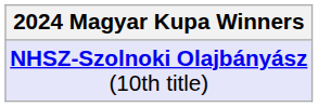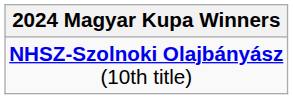 <table class=wikitable style="text-align:center; margin:auto">
 <tr>
 <th>2024 Magyar Kupa Winners</th>
 </tr>
 <tr>
-<td style="background: lavender;"><strong><a href='#'>NHSZ-Szolnoki Olajbányász</a></strong><br>(10th title)</td>
+<td><strong><a href='#'>NHSZ-Szolnoki Olajbányász</a></strong><br>(10th title)</td>
 </tr>
 </table>
